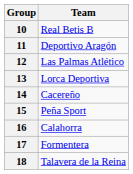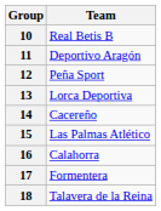 <table class="wikitable">
 <tr>
 <th>Group</th>
 <th>Team</th>
 </tr>
 <tr>
 <th>10</th>
 <td><a href='#'>Real Betis B</a></td>
 </tr>
 <tr>
 <th>11</th>
 <td><a href='#'>Deportivo Aragón</a></td>
 </tr>
 <tr>
 <th>12</th>
-<td><a href='#'>Las Palmas Atlético</a></td>
+<td><a href='#'>Peña Sport</a></td>
 </tr>
 <tr>
 <th>13</th>
 <td><a href='#'>Lorca Deportiva</a></td>
 </tr>
 <tr>
 <th>14</th>
 <td><a href='#'>Cacereño</a></td>
 </tr>
 <tr>
 <th>15</th>
-<td><a href='#'>Peña Sport</a></td>
+<td><a href='#'>Las Palmas Atlético</a></td>
 </tr>
 <tr>
 <th>16</th>
 <td><a href='#'>Calahorra</a></td>
 </tr>
 <tr>
 <th>17</th>
 <td><a href='#'>Formentera</a></td>
 </tr>
 <tr>
 <th>18</th>
 <td><a href='#'>Talavera de la Reina</a></td>
 </tr>
 </table>
